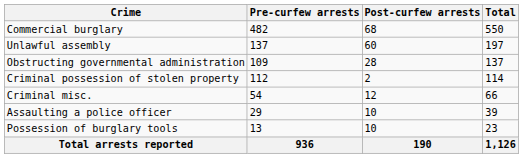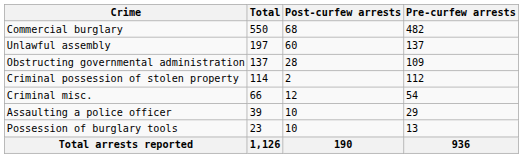 <table class="wikitable floatright" style="align:right;">
 <tr>
 <th>Crime</th>
+<th>Total</th>
+<th>Post-curfew arrests</th>
 <th>Pre-curfew arrests</th>
-<th>Post-curfew arrests</th>
-<th>Total</th>
 </tr>
 <tr>
 <td>Commercial burglary</td>
+<td>550</td>
+<td>68</td>
 <td>482</td>
-<td>68</td>
-<td>550</td>
 </tr>
 <tr>
 <td>Unlawful assembly</td>
+<td>197</td>
+<td>60</td>
 <td>137</td>
-<td>60</td>
-<td>197</td>
 </tr>
 <tr>
 <td>Obstructing governmental administration</td>
+<td>137</td>
+<td>28</td>
 <td>109</td>
-<td>28</td>
-<td>137</td>
 </tr>
 <tr>
 <td>Criminal possession of stolen property</td>
+<td>114</td>
+<td>2</td>
 <td>112</td>
-<td>2</td>
-<td>114</td>
 </tr>
 <tr>
 <td>Criminal misc.</td>
+<td>66</td>
+<td>12</td>
 <td>54</td>
-<td>12</td>
-<td>66</td>
 </tr>
 <tr>
 <td>Assaulting a police officer</td>
+<td>39</td>
+<td>10</td>
 <td>29</td>
-<td>10</td>
-<td>39</td>
 </tr>
 <tr>
 <td>Possession of burglary tools</td>
+<td>23</td>
+<td>10</td>
 <td>13</td>
-<td>10</td>
-<td>23</td>
 </tr>
 <tr>
 <th>Total arrests reported</th>
+<th>1,126</th>
+<th>190</th>
 <th>936</th>
-<th>190</th>
-<th>1,126</th>
 </tr>
 </table>
